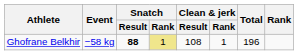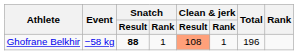 <table class="wikitable" style="font-size:90%">
 <tr>
 <th rowspan="2">Athlete</th>
 <th rowspan="2">Event</th>
 <th colspan="2">Snatch</th>
 <th colspan="2">Clean & jerk</th>
 <th rowspan="2">Total</th>
 <th rowspan="2">Rank</th>
 </tr>
 <tr style="font-size:95%">
 <th>Result</th>
 <th>Rank</th>
 <th>Result</th>
 <th>Rank</th>
 </tr>
 <tr align=center>
 <td align=left><a href='#'>Ghofrane Belkhir</a></td>
 <td align=left><a href='#'>−58 kg</a></td>
 <td><strong>88</strong></td>
-<td style="background: khaki;">1</td>
-<td>108</td>
+<td>1</td>
+<td style="background: lightsalmon;">108</td>
 <td>1</td>
 <td>196</td>
 <td></td>
 </tr>
 </table>
